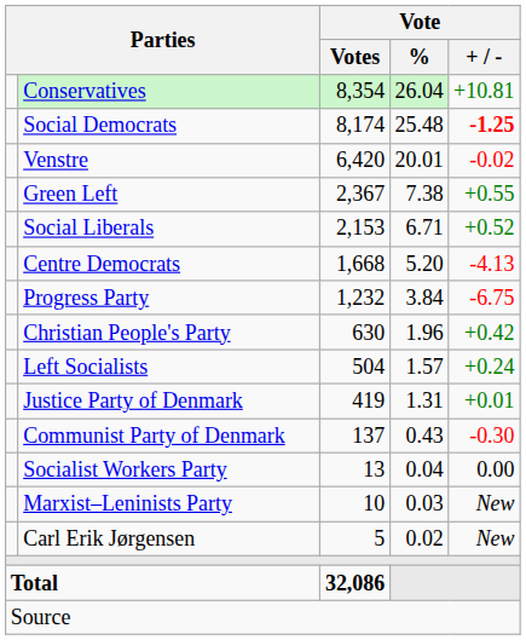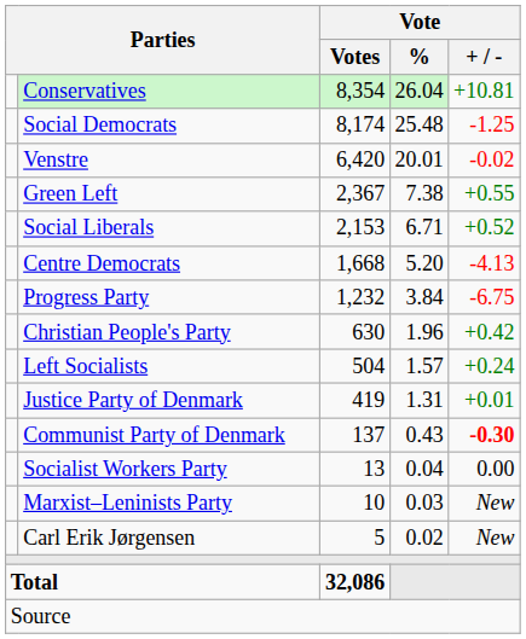 <table class="wikitable" style="text-align:right;">
 <tr>
 <th style="text-align:centre;" rowspan="2" colspan="2" width="225">Parties</th>
 <th colspan="3">Vote</th>
 </tr>
 <tr>
 <th width="15">Votes</th>
 <th width="15">%</th>
 <th width="15">+ / -</th>
 </tr>
 <tr>
 <td width="2" style="color:inherit;background:"></td>
 <td bgcolor=#ccf7cc  align="left"><a href='#'>Conservatives</a></td>
 <td bgcolor=#ccf7cc>8,354</td>
 <td bgcolor=#ccf7cc>26.04</td>
 <td style=color:green;>+10.81</td>
 </tr>
 <tr>
 <td width="2" style="color:inherit;background:"></td>
 <td align="left"><a href='#'>Social Democrats</a></td>
 <td>8,174</td>
 <td>25.48</td>
-<td style=color:red;><strong>-1.25</strong></td>
+<td style=color:red;>-1.25</td>
 </tr>
 <tr>
 <td width="2" style="color:inherit;background:"></td>
 <td align="left"><a href='#'>Venstre</a></td>
 <td>6,420</td>
 <td>20.01</td>
 <td style=color:red;>-0.02</td>
 </tr>
 <tr>
 <td width="2" style="color:inherit;background:"></td>
 <td align="left"><a href='#'>Green Left</a></td>
 <td>2,367</td>
 <td>7.38</td>
 <td style=color:green;>+0.55</td>
 </tr>
 <tr>
 <td width="2" style="color:inherit;background:"></td>
 <td align="left"><a href='#'>Social Liberals</a></td>
 <td>2,153</td>
 <td>6.71</td>
 <td style=color:green;>+0.52</td>
 </tr>
 <tr>
 <td width="2" style="color:inherit;background:"></td>
 <td align="left"><a href='#'>Centre Democrats</a></td>
 <td>1,668</td>
 <td>5.20</td>
 <td style=color:red;>-4.13</td>
 </tr>
 <tr>
 <td width="2" style="color:inherit;background:"></td>
 <td align="left"><a href='#'>Progress Party</a></td>
 <td>1,232</td>
 <td>3.84</td>
 <td style=color:red;>-6.75</td>
 </tr>
 <tr>
 <td width="2" style="color:inherit;background:"></td>
 <td align="left"><a href='#'>Christian People's Party</a></td>
 <td>630</td>
 <td>1.96</td>
 <td style=color:green;>+0.42</td>
 </tr>
 <tr>
 <td width="2" style="color:inherit;background:"></td>
 <td align="left"><a href='#'>Left Socialists</a></td>
 <td>504</td>
 <td>1.57</td>
 <td style=color:green;>+0.24</td>
 </tr>
 <tr>
 <td width="2" style="color:inherit;background:"></td>
 <td align="left"><a href='#'>Justice Party of Denmark</a></td>
 <td>419</td>
 <td>1.31</td>
 <td style=color:green;>+0.01</td>
 </tr>
 <tr>
 <td width="2" style="color:inherit;background:"></td>
 <td align="left"><a href='#'>Communist Party of Denmark</a></td>
 <td>137</td>
 <td>0.43</td>
-<td style=color:red;>-0.30</td>
+<td style=color:red;><strong>-0.30</strong></td>
 </tr>
 <tr>
 <td width="2" style="color:inherit;background:"></td>
 <td align="left"><a href='#'>Socialist Workers Party</a></td>
 <td>13</td>
 <td>0.04</td>
 <td>0.00</td>
 </tr>
 <tr>
 <td width="2" style="color:inherit;background:"></td>
 <td align="left"><a href='#'>Marxist–Leninists Party</a></td>
 <td>10</td>
 <td>0.03</td>
 <td><em>New</em></td>
 </tr>
 <tr>
 <td width="2" style="color:inherit;background:"></td>
 <td align="left">Carl Erik Jørgensen</td>
 <td>5</td>
 <td>0.02</td>
 <td><em>New</em></td>
 </tr>
 <tr>
 <td colspan="7" bgcolor="#E9E9E9"></td>
 </tr>
 <tr>
 <td align="left" colspan="2"><strong>Total</strong></td>
 <td><strong>32,086</strong></td>
 <td bgcolor="#E9E9E9" colspan="2"></td>
 </tr>
 <tr>
 <td align="left" colspan="6">Source</td>
 </tr>
 </table>
